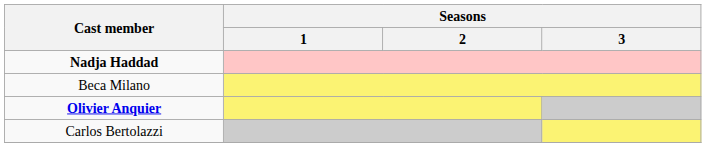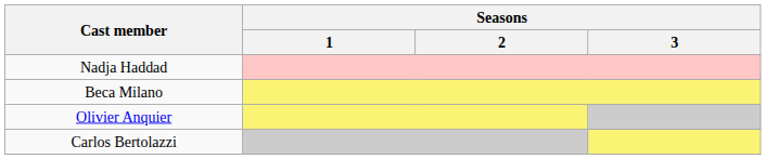 <table class="wikitable" style="text-align:center; font-size:95%; width:60%;">
 <tr>
 <th rowspan=2 width=175>Cast member</th>
 <th colspan=3 width=125>Seasons</th>
 </tr>
 <tr>
 <th width=125>1</th>
 <th width=125>2</th>
 <th width=125>3</th>
 </tr>
 <tr>
-<td><strong>Nadja Haddad</strong></td>
+<td>Nadja Haddad</td>
 <td colspan=3 bgcolor=FFC6C6></td>
 </tr>
 <tr>
 <td>Beca Milano</td>
 <td colspan=3 bgcolor=FBF373></td>
 </tr>
 <tr>
-<td><strong><a href='#'>Olivier Anquier</a></strong></td>
+<td><a href='#'>Olivier Anquier</a></td>
 <td colspan=2 bgcolor=FBF373></td>
 <td bgcolor=CCCCCC></td>
 </tr>
 <tr>
 <td>Carlos Bertolazzi</td>
 <td colspan=2 bgcolor=CCCCCC></td>
 <td bgcolor=FBF373></td>
 </tr>
 <tr>
 </tr>
 </table>
